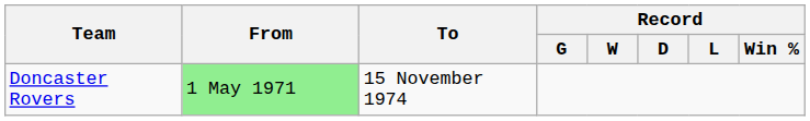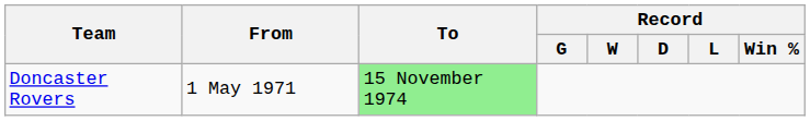 <table class="wikitable" style="text-align:center">
 <tr>
 <th rowspan=2 width=120>Team</th>
 <th rowspan=2 width=120>From</th>
 <th rowspan=2 width=120>To</th>
 <th colspan=5>Record</th>
 </tr>
 <tr>
 <th width=30>G</th>
 <th width=30>W</th>
 <th width=30>D</th>
 <th width=30>L</th>
 <th width=40>Win %</th>
 </tr>
 <tr>
 <td align=left><a href='#'>Doncaster Rovers</a></td>
-<td align=left style="background: lightgreen;">1 May 1971</td>
-<td align=left>15 November 1974<br></td>
+<td align=left>1 May 1971</td>
+<td align=left style="background: lightgreen;">15 November 1974<br></td>
 </tr>
 </table>
